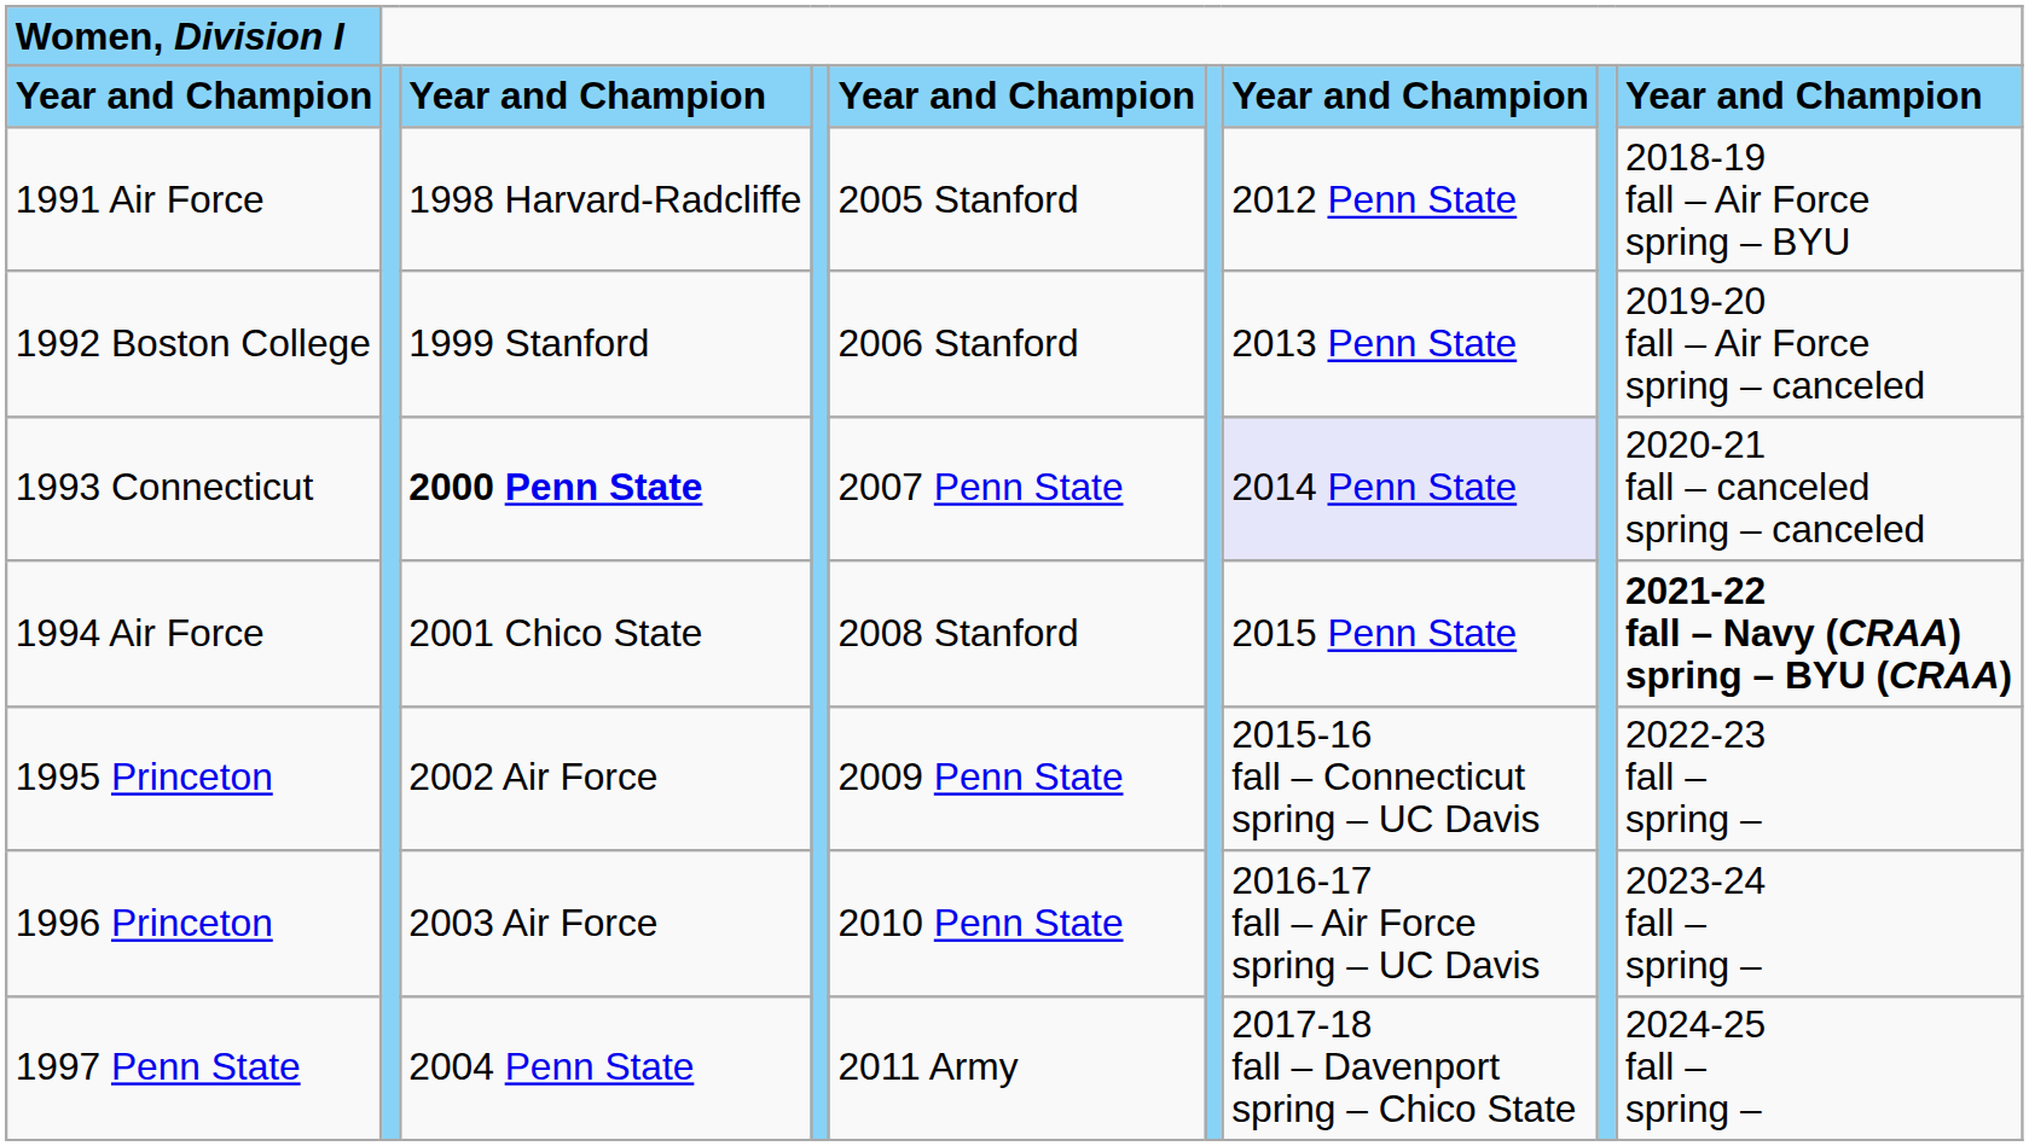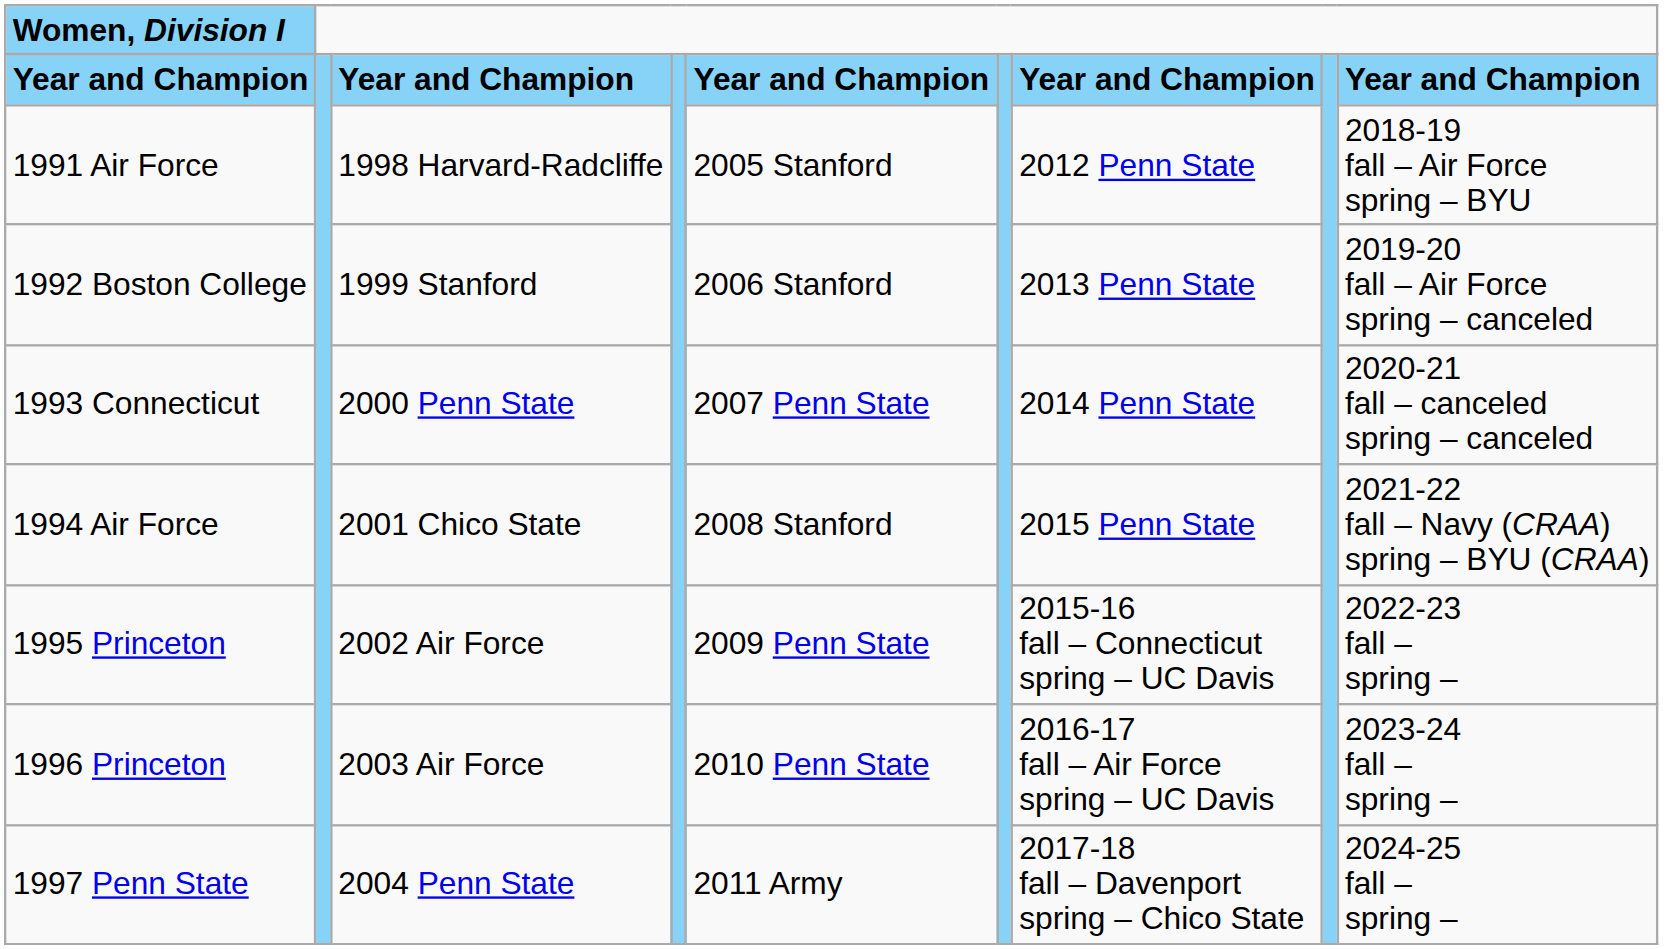 <table class="wikitable" style="font-size:85%;">
 <tr ! style="background-color: #87D3F8;">
 <td><strong>Women, <em>Division I</em> </strong></td>
 </tr>
 <tr>
 </tr>
 <tr>
 </tr>
 <tr --->
 </tr>
 <tr ! style="background-color: #87D3F8;">
 <td><strong>Year and Champion</strong></td>
 <td rowspan=8></td>
 <td><strong>Year and Champion</strong></td>
 <td rowspan=8></td>
 <td><strong>Year and Champion</strong></td>
 <td rowspan=8></td>
 <td><strong>Year and Champion</strong></td>
 <td rowspan=8></td>
 <td><strong>Year and Champion</strong></td>
 </tr>
 <tr --->
 <td>1991 Air Force</td>
 <td>1998 Harvard-Radcliffe</td>
 <td>2005 Stanford</td>
 <td>2012 <a href='#'>Penn State</a></td>
 <td>2018-19<br>fall – Air Force<br>spring – BYU</td>
 </tr>
 <tr --->
 <td>1992 Boston College</td>
 <td>1999 Stanford</td>
 <td>2006 Stanford</td>
 <td>2013 <a href='#'>Penn State</a></td>
 <td>2019-20<br>fall – Air Force<br>spring – canceled</td>
 </tr>
 <tr --->
 <td>1993 Connecticut</td>
-<td><strong>2000 <a href='#'>Penn State</a></strong></td>
+<td>2000 <a href='#'>Penn State</a></td>
 <td>2007 <a href='#'>Penn State</a></td>
-<td style="background: lavender;">2014 <a href='#'>Penn State</a></td>
+<td>2014 <a href='#'>Penn State</a></td>
 <td>2020-21<br>fall – canceled<br>spring – canceled</td>
 </tr>
 <tr --->
 <td>1994 Air Force</td>
 <td>2001 Chico State</td>
 <td>2008 Stanford</td>
 <td>2015 <a href='#'>Penn State</a></td>
-<td><strong>2021-22<br>fall – Navy (<em>CRAA</em>)<br>spring – BYU (<em>CRAA</em>)</strong></td>
+<td>2021-22<br>fall – Navy (<em>CRAA</em>)<br>spring – BYU (<em>CRAA</em>)</td>
 </tr>
 <tr --->
 <td>1995 <a href='#'>Princeton</a></td>
 <td>2002 Air Force</td>
 <td>2009 <a href='#'>Penn State</a></td>
 <td>2015-16<br>fall – Connecticut<br>spring – UC Davis</td>
 <td>2022-23<br>fall – <br>spring –</td>
 </tr>
 <tr --->
 <td>1996 <a href='#'>Princeton</a></td>
 <td>2003 Air Force</td>
 <td>2010 <a href='#'>Penn State</a></td>
 <td>2016-17<br>fall – Air Force<br>spring – UC Davis</td>
 <td>2023-24<br>fall – <br>spring –</td>
 </tr>
 <tr --->
 <td>1997 <a href='#'>Penn State</a></td>
 <td>2004 <a href='#'>Penn State</a></td>
 <td>2011 Army</td>
 <td>2017-18<br>fall – Davenport<br>spring – Chico State</td>
 <td>2024-25<br>fall – <br>spring –</td>
 </tr>
 </table>
